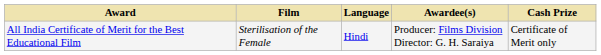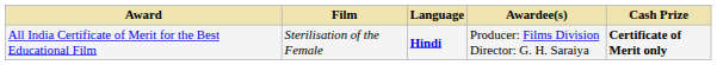 <table class="wikitable sortable" style="width:100%">
 <tr>
 <th style="background-color:#EFE4B0;width:40%;">Award</th>
 <th style="background-color:#EFE4B0;width:18%;">Film</th>
 <th style="background-color:#EFE4B0;width:7%;">Language</th>
 <th style="background-color:#EFE4B0;width:20%;">Awardee(s)</th>
 <th style="background-color:#EFE4B0;width:15%;">Cash Prize</th>
 </tr>
 <tr style="background-color:#F4F4F4">
 <td><a href='#'>All India Certificate of Merit for the Best Educational Film</a></td>
 <td><em>Sterilisation of the Female</em></td>
-<td><a href='#'>Hindi</a></td>
+<td><strong><a href='#'>Hindi</a></strong></td>
 <td>Producer: <a href='#'>Films Division</a><br>Director: G. H. Saraiya</td>
-<td>Certificate of Merit only</td>
+<td><strong>Certificate of Merit only</strong></td>
 </tr>
 </table>
